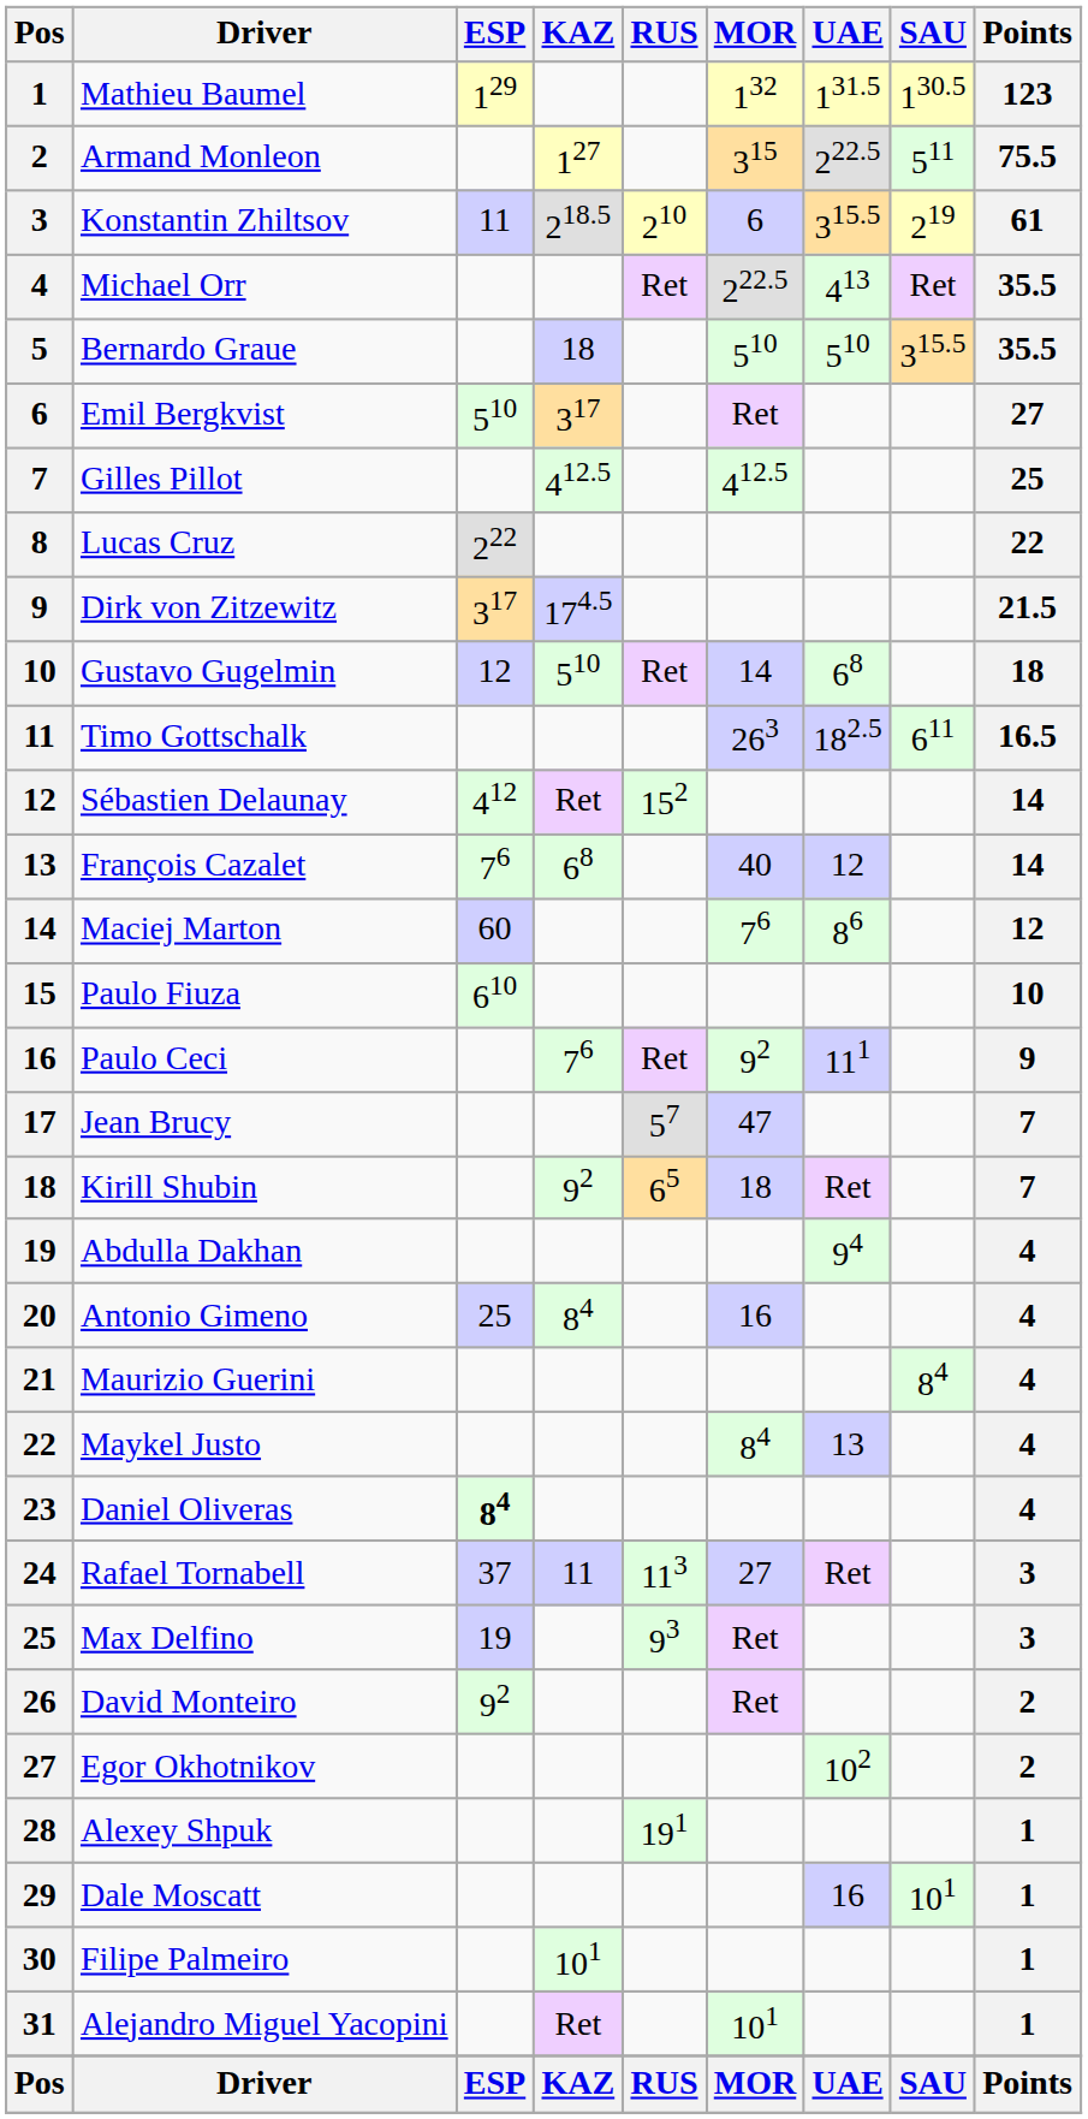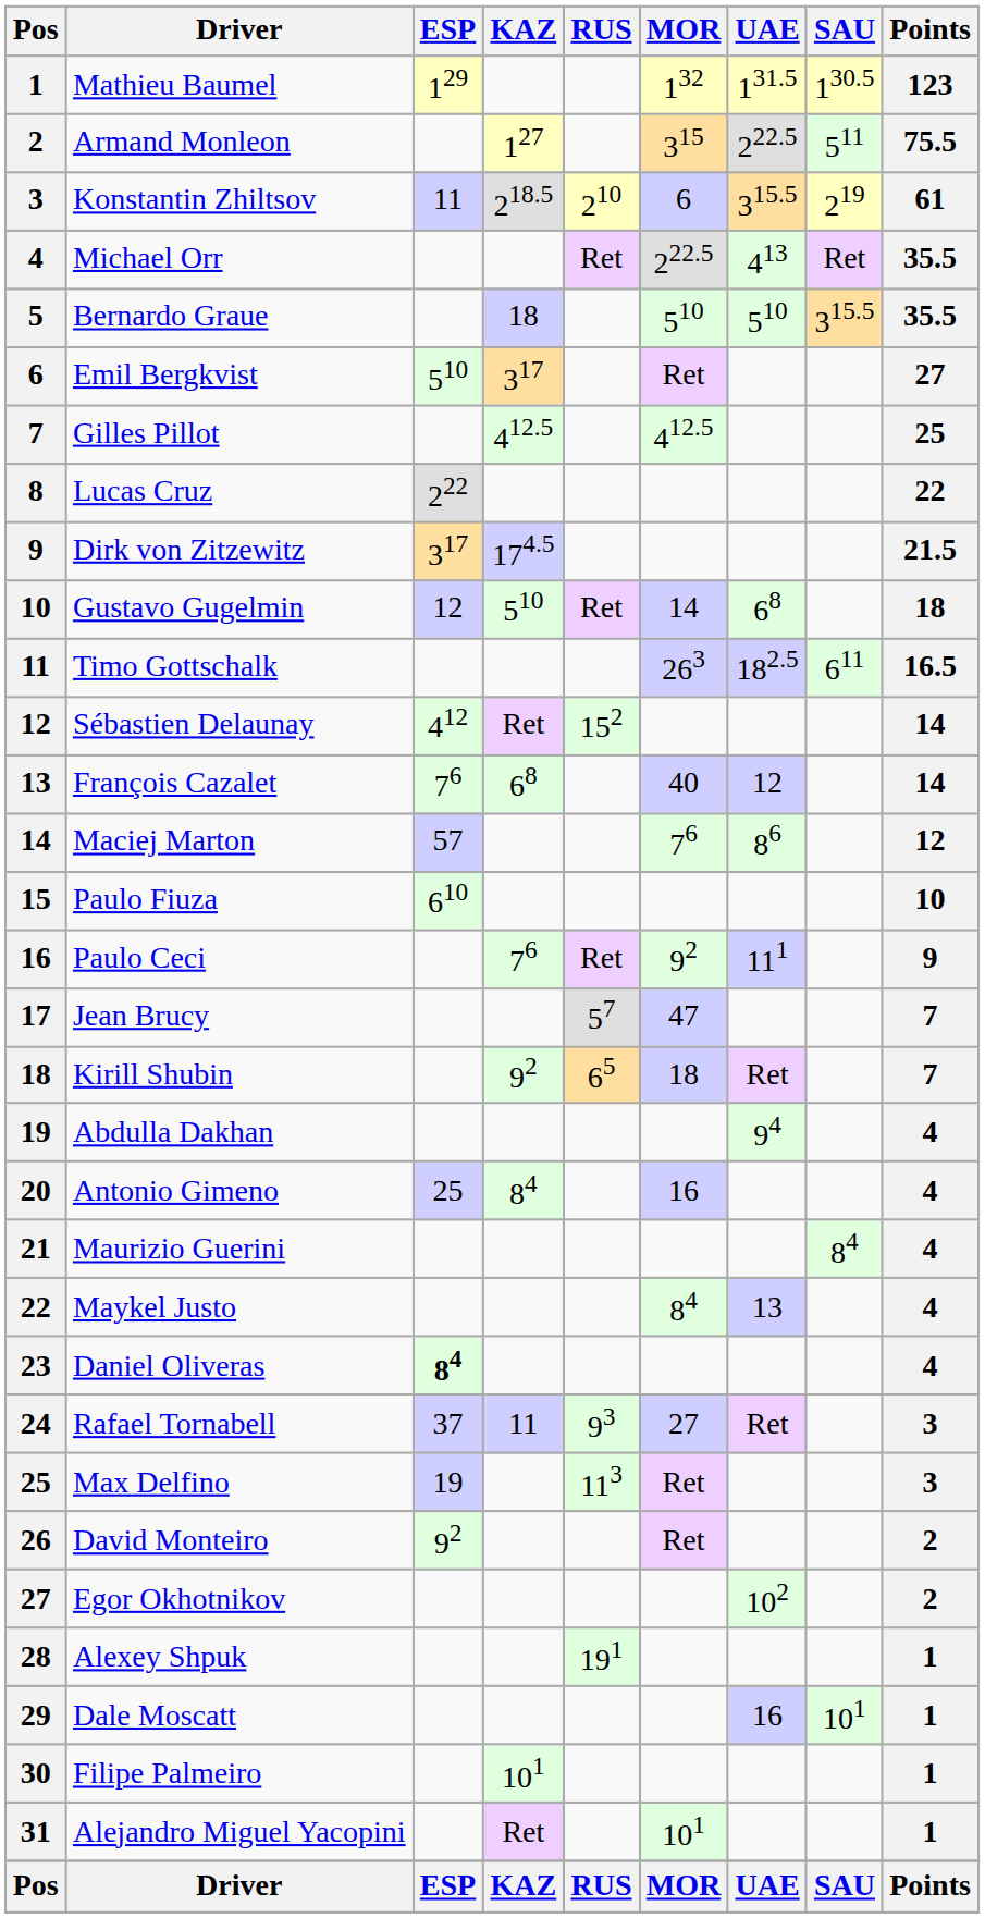 <table class="wikitable" style="font-size: 85%; text-align: center; display: inline-table;">
 <tr valign="top">
 <th valign="middle">Pos</th>
 <th valign="middle">Driver</th>
 <th><a href='#'>ESP</a><br></th>
 <th><a href='#'>KAZ</a><br></th>
 <th><a href='#'>RUS</a><br></th>
 <th><a href='#'>MOR</a><br></th>
 <th><a href='#'>UAE</a><br></th>
 <th><a href='#'>SAU</a><br></th>
 <th valign="middle">Points</th>
 </tr>
 <tr>
 <th>1</th>
 <td align=left> <a href='#'>Mathieu Baumel</a></td>
 <td style="background:#ffffbf;">1<sup>29</sup></td>
 <td></td>
 <td></td>
 <td style="background:#ffffbf;">1<sup>32</sup></td>
 <td style="background:#ffffbf;">1<sup>31.5</sup></td>
 <td style="background:#ffffbf;">1<sup>30.5</sup></td>
 <th>123</th>
 </tr>
 <tr>
 <th>2</th>
 <td align=left> <a href='#'>Armand Monleon</a></td>
 <td></td>
 <td style="background:#ffffbf;">1<sup>27</sup></td>
 <td></td>
 <td style="background:#ffdf9f;">3<sup>15</sup></td>
 <td style="background:#dfdfdf;">2<sup>22.5</sup></td>
 <td style="background:#dfffdf;">5<sup>11</sup></td>
 <th>75.5</th>
 </tr>
 <tr>
 <th>3</th>
 <td align=left> <a href='#'>Konstantin Zhiltsov</a></td>
 <td style="background:#cfcfff;">11</td>
 <td style="background:#dfdfdf;">2<sup>18.5</sup></td>
 <td style="background:#ffffbf;">2<sup>10</sup></td>
 <td style="background:#cfcfff;">6</td>
 <td style="background:#ffdf9f;">3<sup>15.5</sup></td>
 <td style="background:#ffffbf;">2<sup>19</sup></td>
 <th>61</th>
 </tr>
 <tr>
 <th>4</th>
 <td align=left> <a href='#'>Michael Orr</a></td>
 <td></td>
 <td></td>
 <td style="background:#efcfff;">Ret</td>
 <td style="background:#dfdfdf;">2<sup>22.5</sup></td>
 <td style="background:#dfffdf;">4<sup>13</sup></td>
 <td style="background:#efcfff;">Ret</td>
 <th>35.5</th>
 </tr>
 <tr>
 <th>5</th>
 <td align=left> <a href='#'>Bernardo Graue</a></td>
 <td></td>
 <td style="background:#cfcfff;">18</td>
 <td></td>
 <td style="background:#dfffdf;">5<sup>10</sup></td>
 <td style="background:#dfffdf;">5<sup>10</sup></td>
 <td style="background:#ffdf9f;">3<sup>15.5</sup></td>
 <th>35.5</th>
 </tr>
 <tr>
 <th>6</th>
 <td align=left> <a href='#'>Emil Bergkvist</a></td>
 <td style="background:#dfffdf;">5<sup>10</sup></td>
 <td style="background:#ffdf9f;">3<sup>17</sup></td>
 <td></td>
 <td style="background:#efcfff;">Ret</td>
 <td></td>
 <td></td>
 <th>27</th>
 </tr>
 <tr>
 <th>7</th>
 <td align=left> <a href='#'>Gilles Pillot</a></td>
 <td></td>
 <td style="background:#dfffdf;">4<sup>12.5</sup></td>
 <td></td>
 <td style="background:#dfffdf;">4<sup>12.5</sup></td>
 <td></td>
 <td></td>
 <th>25</th>
 </tr>
 <tr>
 <th>8</th>
 <td align=left> <a href='#'>Lucas Cruz</a></td>
 <td style="background:#dfdfdf;">2<sup>22</sup></td>
 <td></td>
 <td></td>
 <td></td>
 <td></td>
 <td></td>
 <th>22</th>
 </tr>
 <tr>
 <th>9</th>
 <td align=left> <a href='#'>Dirk von Zitzewitz</a></td>
 <td style="background:#ffdf9f;">3<sup>17</sup></td>
 <td style="background:#cfcfff;">17<sup>4.5</sup></td>
 <td></td>
 <td></td>
 <td></td>
 <td></td>
 <th>21.5</th>
 </tr>
 <tr>
 <th>10</th>
 <td align=left> <a href='#'>Gustavo Gugelmin</a></td>
 <td style="background:#cfcfff;">12</td>
 <td style="background:#dfffdf;">5<sup>10</sup></td>
 <td style="background:#efcfff;">Ret</td>
 <td style="background:#cfcfff;">14</td>
 <td style="background:#dfffdf;">6<sup>8</sup></td>
 <td></td>
 <th>18</th>
 </tr>
 <tr>
 <th>11</th>
 <td align=left> <a href='#'>Timo Gottschalk</a></td>
 <td></td>
 <td></td>
 <td></td>
 <td style="background:#cfcfff;">26<sup>3</sup></td>
 <td style="background:#cfcfff;">18<sup>2.5</sup></td>
 <td style="background:#dfffdf;">6<sup>11</sup></td>
 <th>16.5</th>
 </tr>
 <tr>
 <th>12</th>
 <td align=left> <a href='#'>Sébastien Delaunay</a></td>
 <td style="background:#dfffdf;">4<sup>12</sup></td>
 <td style="background:#efcfff;">Ret</td>
 <td style="background:#dfffdf;">15<sup>2</sup></td>
 <td></td>
 <td></td>
 <td></td>
 <th>14</th>
 </tr>
 <tr>
 <th>13</th>
 <td align=left> <a href='#'>François Cazalet</a></td>
 <td style="background:#dfffdf;">7<sup>6</sup></td>
 <td style="background:#dfffdf;">6<sup>8</sup></td>
 <td></td>
 <td style="background:#cfcfff;">40</td>
 <td style="background:#cfcfff;">12</td>
 <td></td>
 <th>14</th>
 </tr>
 <tr>
 <th>14</th>
 <td align=left> <a href='#'>Maciej Marton</a></td>
-<td style="background:#cfcfff;">60</td>
+<td style="background:#cfcfff;">57</td>
 <td></td>
 <td></td>
 <td style="background:#dfffdf;">7<sup>6</sup></td>
 <td style="background:#dfffdf;">8<sup>6</sup></td>
 <td></td>
 <th>12</th>
 </tr>
 <tr>
 <th>15</th>
 <td align=left> <a href='#'>Paulo Fiuza</a></td>
 <td style="background:#dfffdf;">6<sup>10</sup></td>
 <td></td>
 <td></td>
 <td></td>
 <td></td>
 <td></td>
 <th>10</th>
 </tr>
 <tr>
 <th>16</th>
 <td align=left> <a href='#'>Paulo Ceci</a></td>
 <td></td>
 <td style="background:#dfffdf;">7<sup>6</sup></td>
 <td style="background:#efcfff;">Ret</td>
 <td style="background:#dfffdf;">9<sup>2</sup></td>
 <td style="background:#cfcfff;">11<sup>1</sup></td>
 <td></td>
 <th>9</th>
 </tr>
 <tr>
 <th>17</th>
 <td align=left> <a href='#'>Jean Brucy</a></td>
 <td></td>
 <td></td>
 <td style="background:#dfdfdf;">5<sup>7</sup></td>
 <td style="background:#cfcfff;">47</td>
 <td></td>
 <td></td>
 <th>7</th>
 </tr>
 <tr>
 <th>18</th>
 <td align=left> <a href='#'>Kirill Shubin</a></td>
 <td></td>
 <td style="background:#dfffdf;">9<sup>2</sup></td>
 <td style="background:#ffdf9f;">6<sup>5</sup></td>
 <td style="background:#cfcfff;">18</td>
 <td style="background:#efcfff;">Ret</td>
 <td></td>
 <th>7</th>
 </tr>
 <tr>
 <th>19</th>
 <td align=left> <a href='#'>Abdulla Dakhan</a></td>
 <td></td>
 <td></td>
 <td></td>
 <td></td>
 <td style="background:#dfffdf;">9<sup>4</sup></td>
 <td></td>
 <th>4</th>
 </tr>
 <tr>
 <th>20</th>
 <td align=left> <a href='#'>Antonio Gimeno</a></td>
 <td style="background:#cfcfff;">25</td>
 <td style="background:#dfffdf;">8<sup>4</sup></td>
 <td></td>
 <td style="background:#cfcfff;">16</td>
 <td></td>
 <td></td>
 <th>4</th>
 </tr>
 <tr>
 <th>21</th>
 <td align=left> <a href='#'>Maurizio Guerini</a></td>
 <td></td>
 <td></td>
 <td></td>
 <td></td>
 <td></td>
 <td style="background:#dfffdf;">8<sup>4</sup></td>
 <th>4</th>
 </tr>
 <tr>
 <th>22</th>
 <td align=left> <a href='#'>Maykel Justo</a></td>
 <td></td>
 <td></td>
 <td></td>
 <td style="background:#dfffdf;">8<sup>4</sup></td>
 <td style="background:#cfcfff;">13</td>
 <td></td>
 <th>4</th>
 </tr>
 <tr>
 <th>23</th>
 <td align=left> <a href='#'>Daniel Oliveras</a></td>
 <td style="background:#dfffdf;"><strong>8<sup>4</sup></strong></td>
 <td></td>
 <td></td>
 <td></td>
 <td></td>
 <td></td>
 <th>4</th>
 </tr>
 <tr>
 <th>24</th>
 <td align=left> <a href='#'>Rafael Tornabell</a></td>
 <td style="background:#cfcfff;">37</td>
 <td style="background:#cfcfff;">11</td>
-<td style="background:#dfffdf;">11<sup>3</sup></td>
+<td style="background:#dfffdf;">9<sup>3</sup></td>
 <td style="background:#cfcfff;">27</td>
 <td style="background:#efcfff;">Ret</td>
 <td></td>
 <th>3</th>
 </tr>
 <tr>
 <th>25</th>
 <td align=left> <a href='#'>Max Delfino</a></td>
 <td style="background:#cfcfff;">19</td>
 <td></td>
-<td style="background:#dfffdf;">9<sup>3</sup></td>
+<td style="background:#dfffdf;">11<sup>3</sup></td>
 <td style="background:#efcfff;">Ret</td>
 <td></td>
 <td></td>
 <th>3</th>
 </tr>
 <tr>
 <th>26</th>
 <td align=left> <a href='#'>David Monteiro</a></td>
 <td style="background:#dfffdf;">9<sup>2</sup></td>
 <td></td>
 <td></td>
 <td style="background:#efcfff;">Ret</td>
 <td></td>
 <td></td>
 <th>2</th>
 </tr>
 <tr>
 <th>27</th>
 <td align=left> <a href='#'>Egor Okhotnikov</a></td>
 <td></td>
 <td></td>
 <td></td>
 <td></td>
 <td style="background:#dfffdf;">10<sup>2</sup></td>
 <td></td>
 <th>2</th>
 </tr>
 <tr>
 <th>28</th>
 <td align=left> <a href='#'>Alexey Shpuk</a></td>
 <td></td>
 <td></td>
 <td style="background:#dfffdf;">19<sup>1</sup></td>
 <td></td>
 <td></td>
 <td></td>
 <th>1</th>
 </tr>
 <tr>
 <th>29</th>
 <td align=left> <a href='#'>Dale Moscatt</a></td>
 <td></td>
 <td></td>
 <td></td>
 <td></td>
 <td style="background:#cfcfff;">16</td>
 <td style="background:#dfffdf;">10<sup>1</sup></td>
 <th>1</th>
 </tr>
 <tr>
 <th>30</th>
 <td align=left> <a href='#'>Filipe Palmeiro</a></td>
 <td></td>
 <td style="background:#dfffdf;">10<sup>1</sup></td>
 <td></td>
 <td></td>
 <td></td>
 <td></td>
 <th>1</th>
 </tr>
 <tr>
 <th>31</th>
 <td align=left> <a href='#'>Alejandro Miguel Yacopini</a></td>
 <td></td>
 <td style="background:#efcfff;">Ret</td>
 <td></td>
 <td style="background:#dfffdf;">10<sup>1</sup></td>
 <td></td>
 <td></td>
 <th>1</th>
 </tr>
 <tr>
 </tr>
 <tr valign="top">
 <th valign="middle">Pos</th>
 <th valign="middle">Driver</th>
 <th><a href='#'>ESP</a><br></th>
 <th><a href='#'>KAZ</a><br></th>
 <th><a href='#'>RUS</a><br></th>
 <th><a href='#'>MOR</a><br></th>
 <th><a href='#'>UAE</a><br></th>
 <th><a href='#'>SAU</a><br></th>
 <th valign="middle">Points</th>
 </tr>
 <tr>
 </tr>
 </table>
